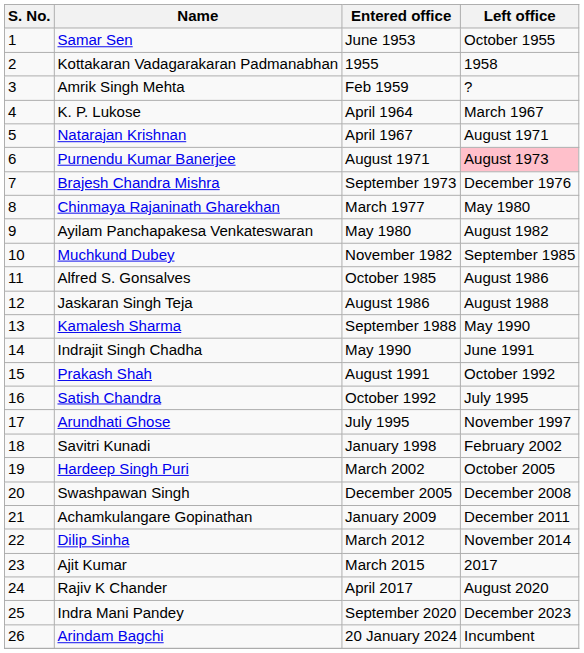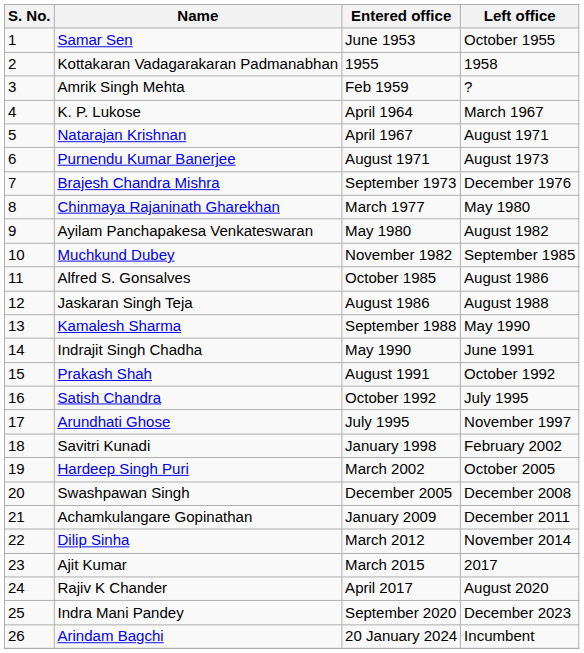 <table class="wikitable">
 <tr>
 <th>S. No.</th>
 <th>Name</th>
 <th>Entered office</th>
 <th>Left office</th>
 </tr>
 <tr>
 <td>1</td>
 <td><a href='#'>Samar Sen</a></td>
 <td>June 1953</td>
 <td>October 1955</td>
 </tr>
 <tr>
 <td>2</td>
 <td>Kottakaran Vadagarakaran Padmanabhan</td>
 <td>1955</td>
 <td>1958</td>
 </tr>
 <tr>
 <td>3</td>
 <td>Amrik Singh Mehta</td>
 <td>Feb 1959</td>
 <td>?</td>
 </tr>
 <tr>
 <td>4</td>
 <td>K. P. Lukose</td>
 <td>April 1964</td>
 <td>March 1967</td>
 </tr>
 <tr>
 <td>5</td>
 <td><a href='#'>Natarajan Krishnan</a></td>
 <td>April 1967</td>
 <td>August 1971</td>
 </tr>
 <tr>
 <td>6</td>
 <td><a href='#'>Purnendu Kumar Banerjee</a></td>
 <td>August 1971</td>
-<td style="background: pink;">August 1973</td>
+<td>August 1973</td>
 </tr>
 <tr>
 <td>7</td>
 <td><a href='#'>Brajesh Chandra Mishra</a></td>
 <td>September 1973</td>
 <td>December 1976</td>
 </tr>
 <tr>
 <td>8</td>
 <td><a href='#'>Chinmaya Rajaninath Gharekhan</a></td>
 <td>March 1977</td>
 <td>May 1980</td>
 </tr>
 <tr>
 <td>9</td>
 <td>Ayilam Panchapakesa Venkateswaran</td>
 <td>May 1980</td>
 <td>August 1982</td>
 </tr>
 <tr>
 <td>10</td>
 <td><a href='#'>Muchkund Dubey</a></td>
 <td>November 1982</td>
 <td>September 1985</td>
 </tr>
 <tr>
 <td>11</td>
 <td>Alfred S. Gonsalves</td>
 <td>October 1985</td>
 <td>August 1986</td>
 </tr>
 <tr>
 <td>12</td>
 <td>Jaskaran Singh Teja</td>
 <td>August 1986</td>
 <td>August 1988</td>
 </tr>
 <tr>
 <td>13</td>
 <td><a href='#'>Kamalesh Sharma</a></td>
 <td>September 1988</td>
 <td>May 1990</td>
 </tr>
 <tr>
 <td>14</td>
 <td>Indrajit Singh Chadha</td>
 <td>May 1990</td>
 <td>June 1991</td>
 </tr>
 <tr>
 <td>15</td>
 <td><a href='#'>Prakash Shah</a></td>
 <td>August 1991</td>
 <td>October 1992</td>
 </tr>
 <tr>
 <td>16</td>
 <td><a href='#'>Satish Chandra</a></td>
 <td>October 1992</td>
 <td>July 1995</td>
 </tr>
 <tr>
 <td>17</td>
 <td><a href='#'>Arundhati Ghose</a></td>
 <td>July 1995</td>
 <td>November 1997</td>
 </tr>
 <tr>
 <td>18</td>
 <td>Savitri Kunadi</td>
 <td>January 1998</td>
 <td>February 2002</td>
 </tr>
 <tr>
 <td>19</td>
 <td><a href='#'>Hardeep Singh Puri</a></td>
 <td>March 2002</td>
 <td>October 2005</td>
 </tr>
 <tr>
 <td>20</td>
 <td>Swashpawan Singh</td>
 <td>December 2005</td>
 <td>December 2008</td>
 </tr>
 <tr>
 <td>21</td>
 <td>Achamkulangare Gopinathan</td>
 <td>January 2009</td>
 <td>December 2011</td>
 </tr>
 <tr>
 <td>22</td>
 <td><a href='#'>Dilip Sinha</a></td>
 <td>March 2012</td>
 <td>November 2014</td>
 </tr>
 <tr>
 <td>23</td>
 <td>Ajit Kumar</td>
 <td>March 2015</td>
 <td>2017</td>
 </tr>
 <tr>
 <td>24</td>
 <td>Rajiv K Chander</td>
 <td>April 2017</td>
 <td>August 2020</td>
 </tr>
 <tr>
 <td>25</td>
 <td>Indra Mani Pandey</td>
 <td>September 2020</td>
 <td>December 2023</td>
 </tr>
 <tr>
 <td>26</td>
 <td><a href='#'>Arindam Bagchi</a></td>
 <td>20 January 2024</td>
 <td>Incumbent</td>
 </tr>
 <tr>
 </tr>
 </table>
